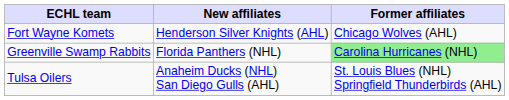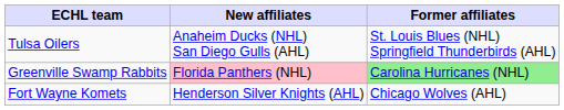 <table class="wikitable">
 <tr>
 <th style="background:#ddf">ECHL team</th>
 <th style="background:#ddf">New affiliates</th>
 <th style="background:#ddf">Former affiliates</th>
 </tr>
 <tr>
+<td><a href='#'>Tulsa Oilers</a></td>
+<td><a href='#'>Anaheim Ducks</a> (<a href='#'>NHL</a>)<br><a href='#'>San Diego Gulls</a> (AHL)</td>
+<td><a href='#'>St. Louis Blues</a> (NHL)<br><a href='#'>Springfield Thunderbirds</a> (AHL)</td>
+</tr>
+<tr>
+<td><a href='#'>Greenville Swamp Rabbits</a></td>
+<td style="background: pink;"><a href='#'>Florida Panthers</a> (NHL)</td>
+<td style="background: lightgreen;"><a href='#'>Carolina Hurricanes</a> (NHL)</td>
+</tr>
+<tr>
 <td><a href='#'>Fort Wayne Komets</a></td>
 <td><a href='#'>Henderson Silver Knights</a> (<a href='#'>AHL</a>)</td>
 <td><a href='#'>Chicago Wolves</a> (AHL)</td>
 </tr>
-<tr>
-<td><a href='#'>Greenville Swamp Rabbits</a></td>
-<td><a href='#'>Florida Panthers</a> (NHL)</td>
-<td style="background: lightgreen;"><a href='#'>Carolina Hurricanes</a> (NHL)</td>
-</tr>
-<tr>
-<td><a href='#'>Tulsa Oilers</a></td>
-<td><a href='#'>Anaheim Ducks</a> (<a href='#'>NHL</a>)<br><a href='#'>San Diego Gulls</a> (AHL)</td>
-<td><a href='#'>St. Louis Blues</a> (NHL)<br><a href='#'>Springfield Thunderbirds</a> (AHL)</td>
-</tr>
 </table>
